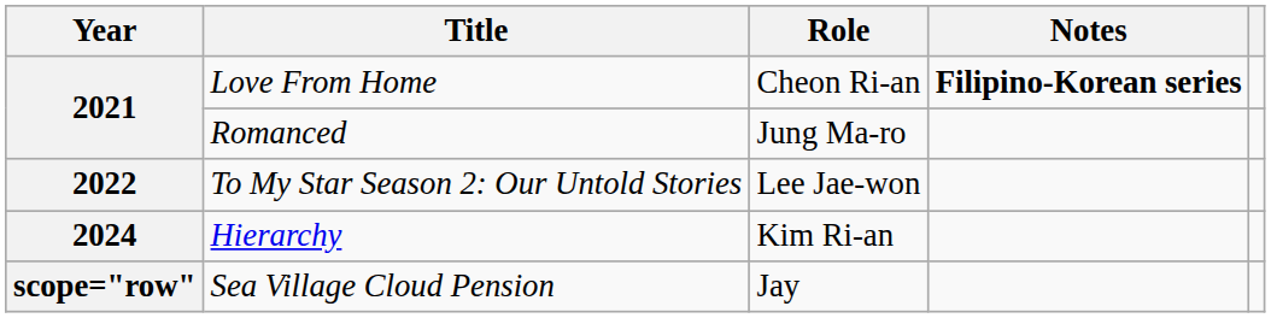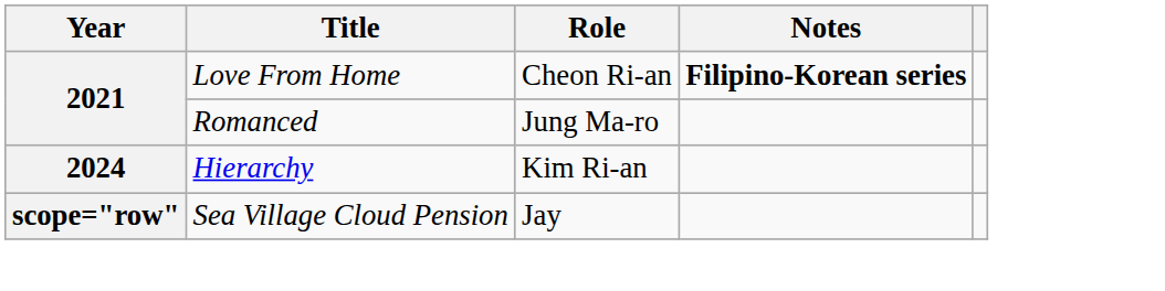 <table class="wikitable plainrowheaders sortable">
 <tr>
 <th scope="col">Year</th>
 <th scope="col">Title</th>
 <th scope="col">Role</th>
 <th scope="col">Notes</th>
 <th scope="col" class="unsortable"></th>
 </tr>
 <tr>
 <th scope="row" rowspan="2">2021</th>
 <td><em>Love From Home</em></td>
 <td>Cheon Ri-an</td>
 <td><strong>Filipino-Korean series</strong></td>
 <td style="text-align:center"></td>
 </tr>
 <tr>
 <td><em>Romanced</em></td>
 <td>Jung Ma-ro</td>
 <td></td>
 <td style="text-align:center"></td>
 </tr>
 <tr>
-<th scope="row">2022</th>
-<td><em>To My Star Season 2: Our Untold Stories</em></td>
-<td>Lee Jae-won</td>
-<td></td>
-<td style="text-align:center"></td>
-</tr>
-<tr>
 <th scope="row">2024</th>
 <td><em><a href='#'>Hierarchy</a></em></td>
 <td>Kim Ri-an</td>
 <td></td>
 <td style="text-align:center"></td>
 </tr>
 <tr>
 <th>scope="row" </th>
 <td><em>Sea Village Cloud Pension</em></td>
 <td>Jay</td>
 <td></td>
 <td style="text-align:center"></td>
 </tr>
 </table>
